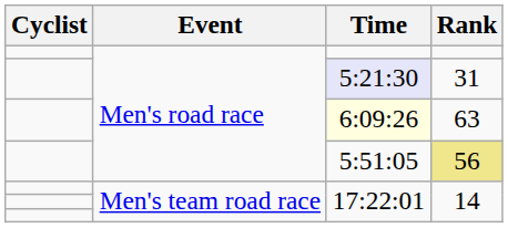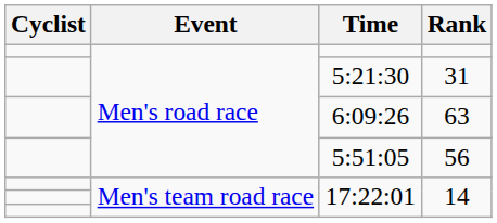 <table class="wikitable sortable" style="text-align:center">
 <tr>
 <th>Cyclist</th>
 <th>Event</th>
 <th>Time</th>
 <th>Rank</th>
 </tr>
 <tr>
 <td align=left></td>
 <td align=left rowspan=4><a href='#'>Men's road race</a></td>
 <td></td>
 <td></td>
 </tr>
 <tr>
 <td align=left></td>
-<td style="background: lavender;">5:21:30</td>
+<td>5:21:30</td>
 <td>31</td>
 </tr>
 <tr>
 <td align=left></td>
-<td style="background: lightyellow;">6:09:26</td>
+<td>6:09:26</td>
 <td>63</td>
 </tr>
 <tr>
 <td align=left></td>
 <td>5:51:05</td>
-<td style="background: khaki;">56</td>
+<td>56</td>
 </tr>
 <tr>
 <td align=left></td>
 <td rowspan=3><a href='#'>Men's team road race</a></td>
 <td rowspan=3>17:22:01</td>
 <td rowspan=3>14</td>
 </tr>
 <tr>
 <td align=left></td>
 </tr>
 <tr>
 <td align=left></td>
 </tr>
 </table>
